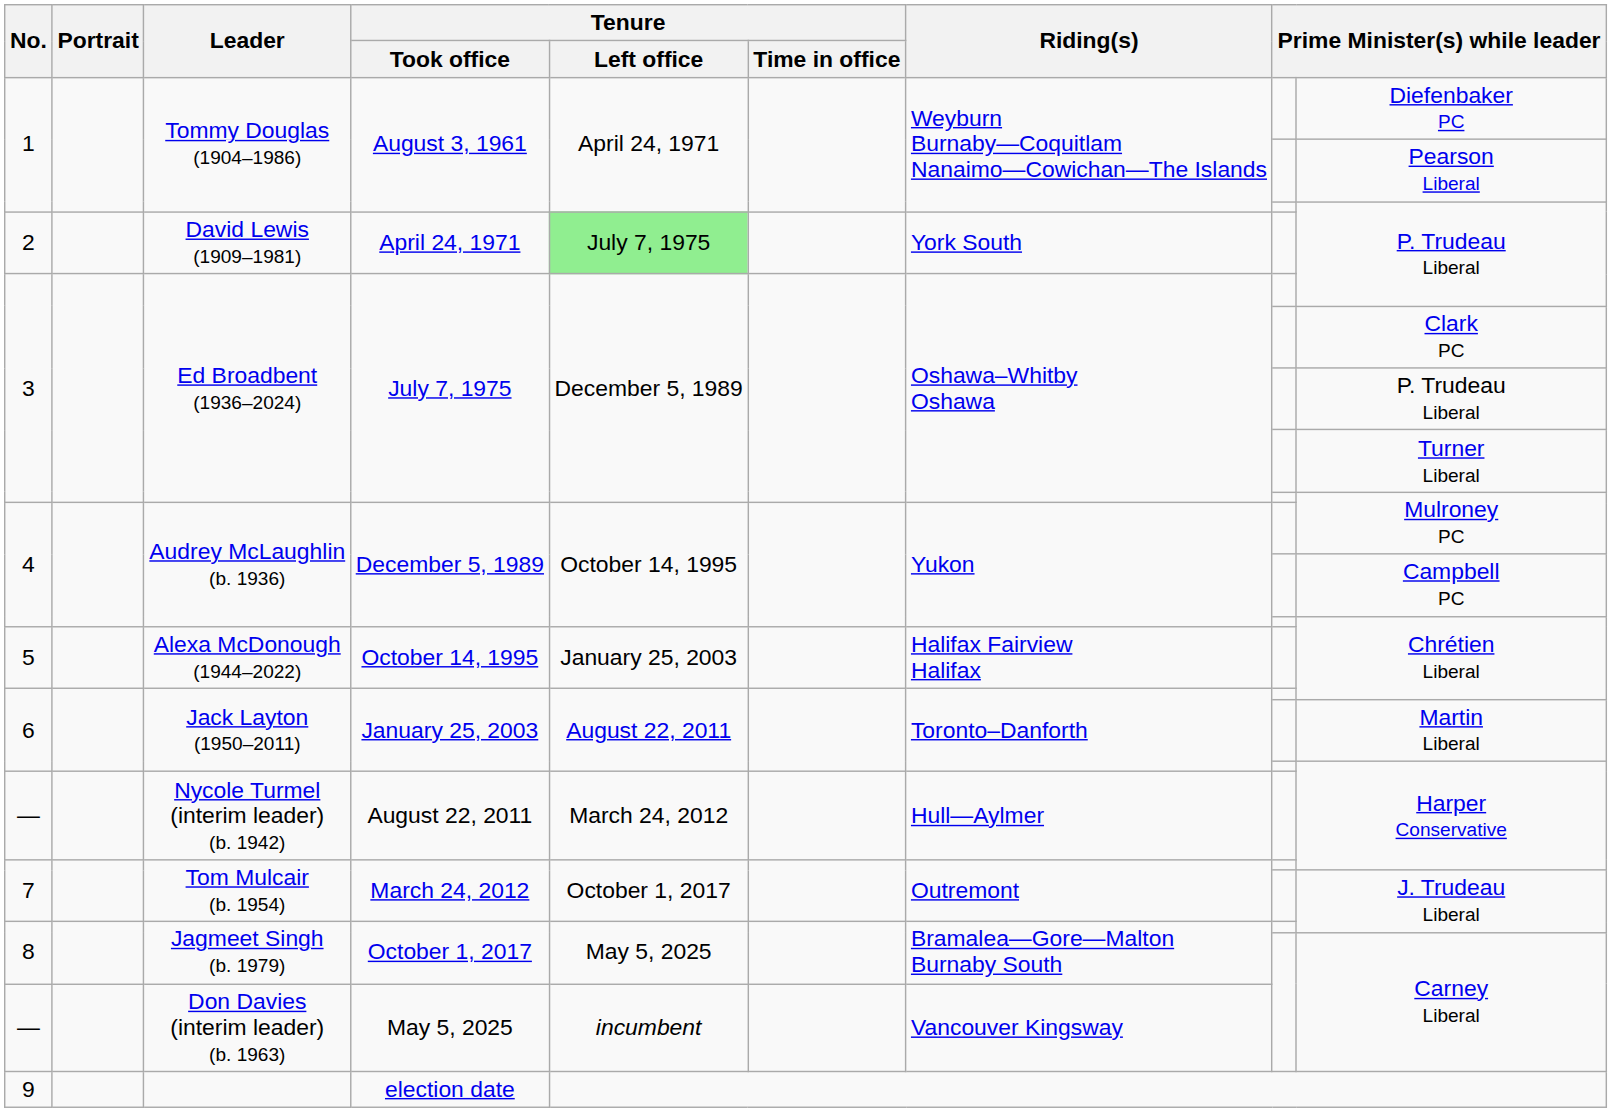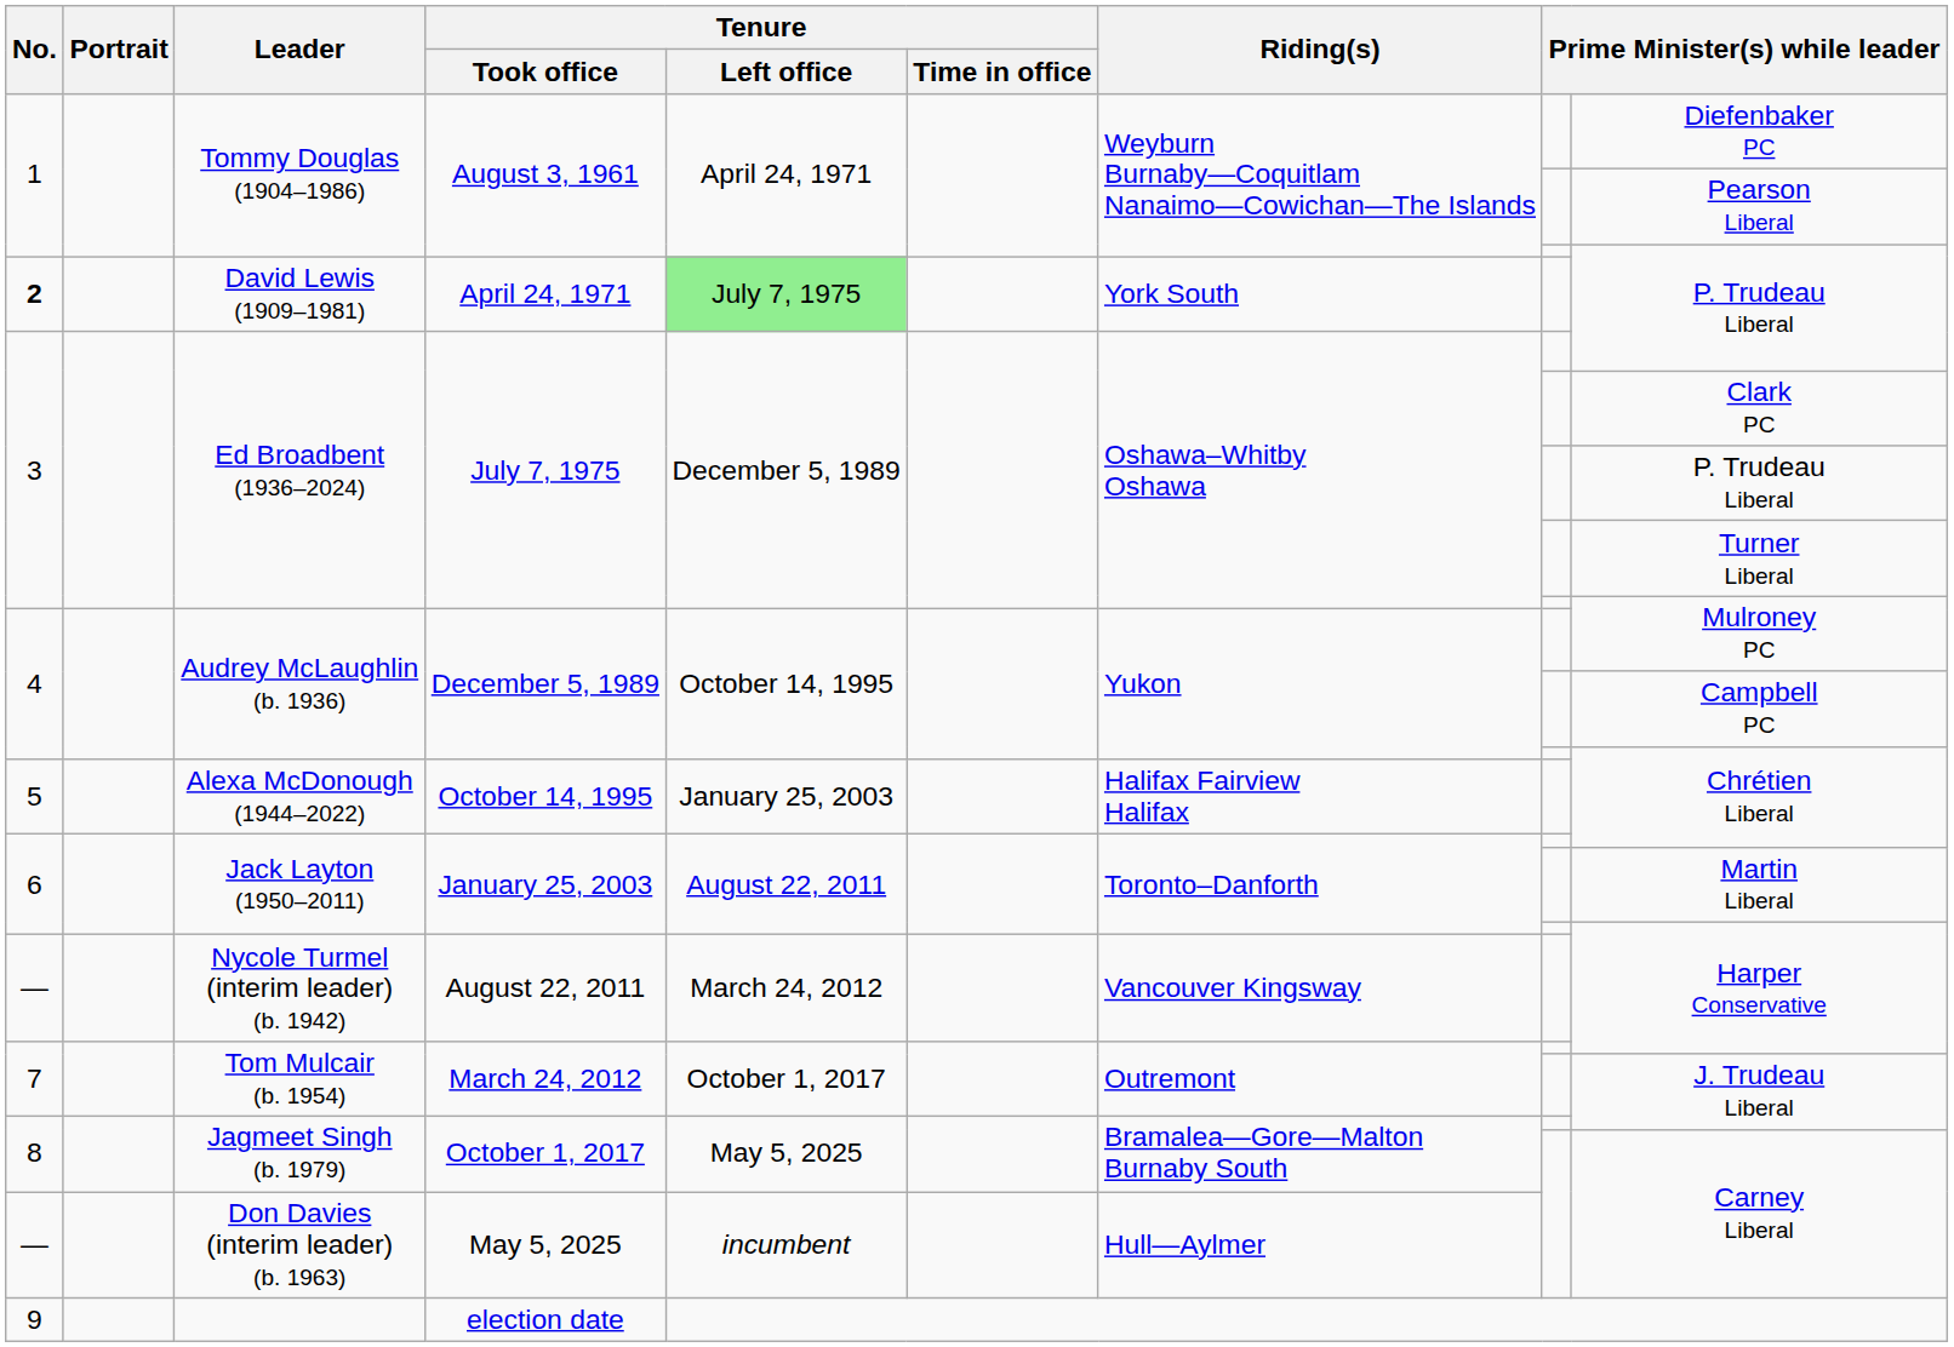 <table class="wikitable" style="text-align:center">
 <tr>
 <th rowspan="2">No.</th>
 <th rowspan="2">Portrait</th>
 <th rowspan="2">Leader</th>
 <th colspan="3">Tenure</th>
 <th rowspan="2">Riding(s)</th>
 <th rowspan="2" colspan="2">Prime Minister(s) while leader</th>
 </tr>
 <tr>
 <th>Took office</th>
 <th>Left office</th>
 <th>Time in office</th>
 </tr>
 <tr>
 <td rowspan="3">1</td>
 <td rowspan="3"></td>
 <td rowspan="3"><a href='#'>Tommy Douglas</a><br><small>(1904–1986)</small></td>
 <td rowspan="3"><a href='#'>August 3, 1961</a></td>
 <td rowspan="3">April 24, 1971</td>
 <td rowspan="3"></td>
 <td rowspan="3" style="text-align:left"><a href='#'>Weyburn</a> <br> <a href='#'>Burnaby—Coquitlam</a>  <br> <a href='#'>Nanaimo—Cowichan—The Islands</a> </td>
 <td style="background-color: "></td>
 <td style="font-weight:normal; height:30px;"><a href='#'>Diefenbaker</a> <small> <br> <a href='#'>PC</a> </small></td>
 </tr>
 <tr>
 <td style="background-color: "></td>
 <td style="font-weight:normal; height:10px;"><a href='#'>Pearson</a> <small> <br> <a href='#'>Liberal</a> </small></td>
 </tr>
 <tr>
 <td style="background-color: "></td>
 <td rowspan="3"  style="font-weight:normal; height:60px;"><a href='#'>P. Trudeau</a> <small> <br> Liberal </small></td>
 </tr>
 <tr>
-<td>2</td>
+<td><strong>2</strong></td>
 <td></td>
 <td><a href='#'>David Lewis</a><br><small>(1909–1981)</small></td>
 <td><a href='#'>April 24, 1971</a></td>
 <td style="background: lightgreen;">July 7, 1975</td>
 <td></td>
 <td style="text-align:left"><a href='#'>York South</a></td>
 <td style="background-color: "></td>
 </tr>
 <tr>
 <td rowspan="5">3</td>
 <td rowspan="5"></td>
 <td rowspan="5"><a href='#'>Ed Broadbent</a><br><small>(1936–2024)</small></td>
 <td rowspan="5"><a href='#'>July 7, 1975</a></td>
 <td rowspan="5">December 5, 1989</td>
 <td rowspan="5"></td>
 <td rowspan="5" style="text-align:left"><a href='#'>Oshawa–Whitby</a> <br> <a href='#'>Oshawa</a> </td>
 <td height=15 style="background-color: "></td>
 </tr>
 <tr>
 <td style="background-color: "></td>
 <td style="font-weight:normal; height:8px;;"><a href='#'>Clark</a> <small> <br> PC </small></td>
 </tr>
 <tr>
 <td style="background-color: "></td>
 <td style="font-weight:normal; height:5px;;">P. Trudeau <small> <br> Liberal </small></td>
 </tr>
 <tr>
 <td style="background-color: "></td>
 <td style="font-weight:normal"><a href='#'>Turner</a> <small> <br> Liberal </small></td>
 </tr>
 <tr>
 <td style="background-color: "></td>
 <td style="font-weight:normal" rowspan="2"><a href='#'>Mulroney</a> <small> <br> PC </small></td>
 </tr>
 <tr>
 <td rowspan="3">4</td>
 <td rowspan="3"></td>
 <td rowspan="3"><a href='#'>Audrey McLaughlin</a><br><small>(b. 1936)</small></td>
 <td rowspan="3"><a href='#'>December 5, 1989</a></td>
 <td rowspan="3">October 14, 1995</td>
 <td rowspan="3"></td>
 <td rowspan="3" style="text-align:left"><a href='#'>Yukon</a></td>
 <td style="background-color: "></td>
 </tr>
 <tr>
 <td style="background-color: "></td>
 <td style="font-weight:normal"><a href='#'>Campbell</a> <small> <br> PC </small></td>
 </tr>
 <tr>
 <td style="background-color: "></td>
 <td style="font-weight:normal" rowspan="3"><a href='#'>Chrétien</a> <small> <br> Liberal </small></td>
 </tr>
 <tr>
 <td>5</td>
 <td></td>
 <td><a href='#'>Alexa McDonough</a><br><small>(1944–2022)</small></td>
 <td><a href='#'>October 14, 1995</a></td>
 <td>January 25, 2003</td>
 <td></td>
 <td style="text-align:left"><a href='#'>Halifax Fairview</a> <br> <a href='#'>Halifax</a> </td>
 <td style="background-color: "></td>
 </tr>
 <tr>
 <td rowspan="3">6</td>
 <td rowspan="3"></td>
 <td rowspan="3"><a href='#'>Jack Layton</a><br><small>(1950–2011)</small></td>
 <td rowspan="3"><a href='#'>January 25, 2003</a></td>
 <td rowspan="3"><a href='#'>August 22, 2011</a></td>
 <td rowspan="3"></td>
 <td rowspan="3" style="text-align:left"><a href='#'>Toronto–Danforth</a></td>
 <td style="background-color: "></td>
 </tr>
 <tr>
 <td style="background-color: "></td>
 <td style="font-weight:normal"><a href='#'>Martin</a> <small> <br> Liberal </small></td>
 </tr>
 <tr>
 <td style="background-color: "></td>
 <td style="font-weight:normal" rowspan="3"><a href='#'>Harper</a> <small> <br> <a href='#'>Conservative</a> </small></td>
 </tr>
 <tr>
 <td>—</td>
 <td></td>
 <td><a href='#'>Nycole Turmel</a><br>(interim leader)<br><small>(b. 1942)</small></td>
 <td>August 22, 2011</td>
 <td>March 24, 2012</td>
 <td></td>
-<td style="text-align:left"><a href='#'>Hull—Aylmer</a></td>
+<td style="text-align:left"><a href='#'>Vancouver Kingsway</a></td>
 <td style="background-color: "></td>
 </tr>
 <tr>
 <td rowspan="2">7</td>
 <td rowspan="2"></td>
 <td rowspan="2"><a href='#'>Tom Mulcair</a><br><small>(b. 1954)</small></td>
 <td rowspan="2"><a href='#'>March 24, 2012</a></td>
 <td rowspan="2">October 1, 2017</td>
 <td rowspan="2"></td>
 <td rowspan="2" style="text-align:left"><a href='#'>Outremont</a></td>
 <td style="background-color: "></td>
 </tr>
 <tr>
 <td style="background-color: "></td>
 <td rowspan="2" style="font-weight:normal"><a href='#'>J. Trudeau</a> <small> <br> Liberal </small></td>
 </tr>
 <tr>
 <td rowspan="2">8</td>
 <td rowspan="2"></td>
 <td rowspan="2"><a href='#'>Jagmeet Singh</a><br><small>(b. 1979)</small></td>
 <td rowspan="2"><a href='#'>October 1, 2017</a></td>
 <td rowspan="2">May 5, 2025</td>
 <td rowspan="2"></td>
 <td rowspan="2"  style="text-align:left"><a href='#'>Bramalea—Gore—Malton</a> <br> <a href='#'>Burnaby South</a> </td>
 <td style="background-color: "></td>
 </tr>
 <tr>
 <td rowspan="2" style="background-color: "></td>
 <td rowspan="2" style="font-weight:normal"><a href='#'>Carney</a> <small> <br> Liberal </small></td>
 </tr>
 <tr>
 <td>—</td>
 <td></td>
 <td><a href='#'>Don Davies</a><br>(interim leader)<br><small>(b. 1963)</small></td>
 <td>May 5, 2025</td>
 <td><em>incumbent</em></td>
 <td></td>
-<td style="text-align:left"><a href='#'>Vancouver Kingsway</a></td>
+<td style="text-align:left"><a href='#'>Hull—Aylmer</a></td>
 </tr>
 <tr>
 <td>9</td>
 <td></td>
 <td></td>
 <td><a href='#'>election date </a></td>
 </tr>
 </table>
